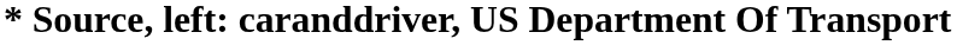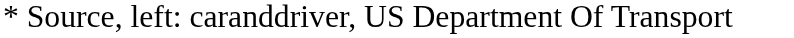 <table>
 <tr>
 <td></td>
 </tr>
 <tr>
-<td><strong>* Source, left: caranddriver, US Department Of Transport</strong></td>
+<td>* Source, left: caranddriver, US Department Of Transport</td>
 </tr>
 </table>
